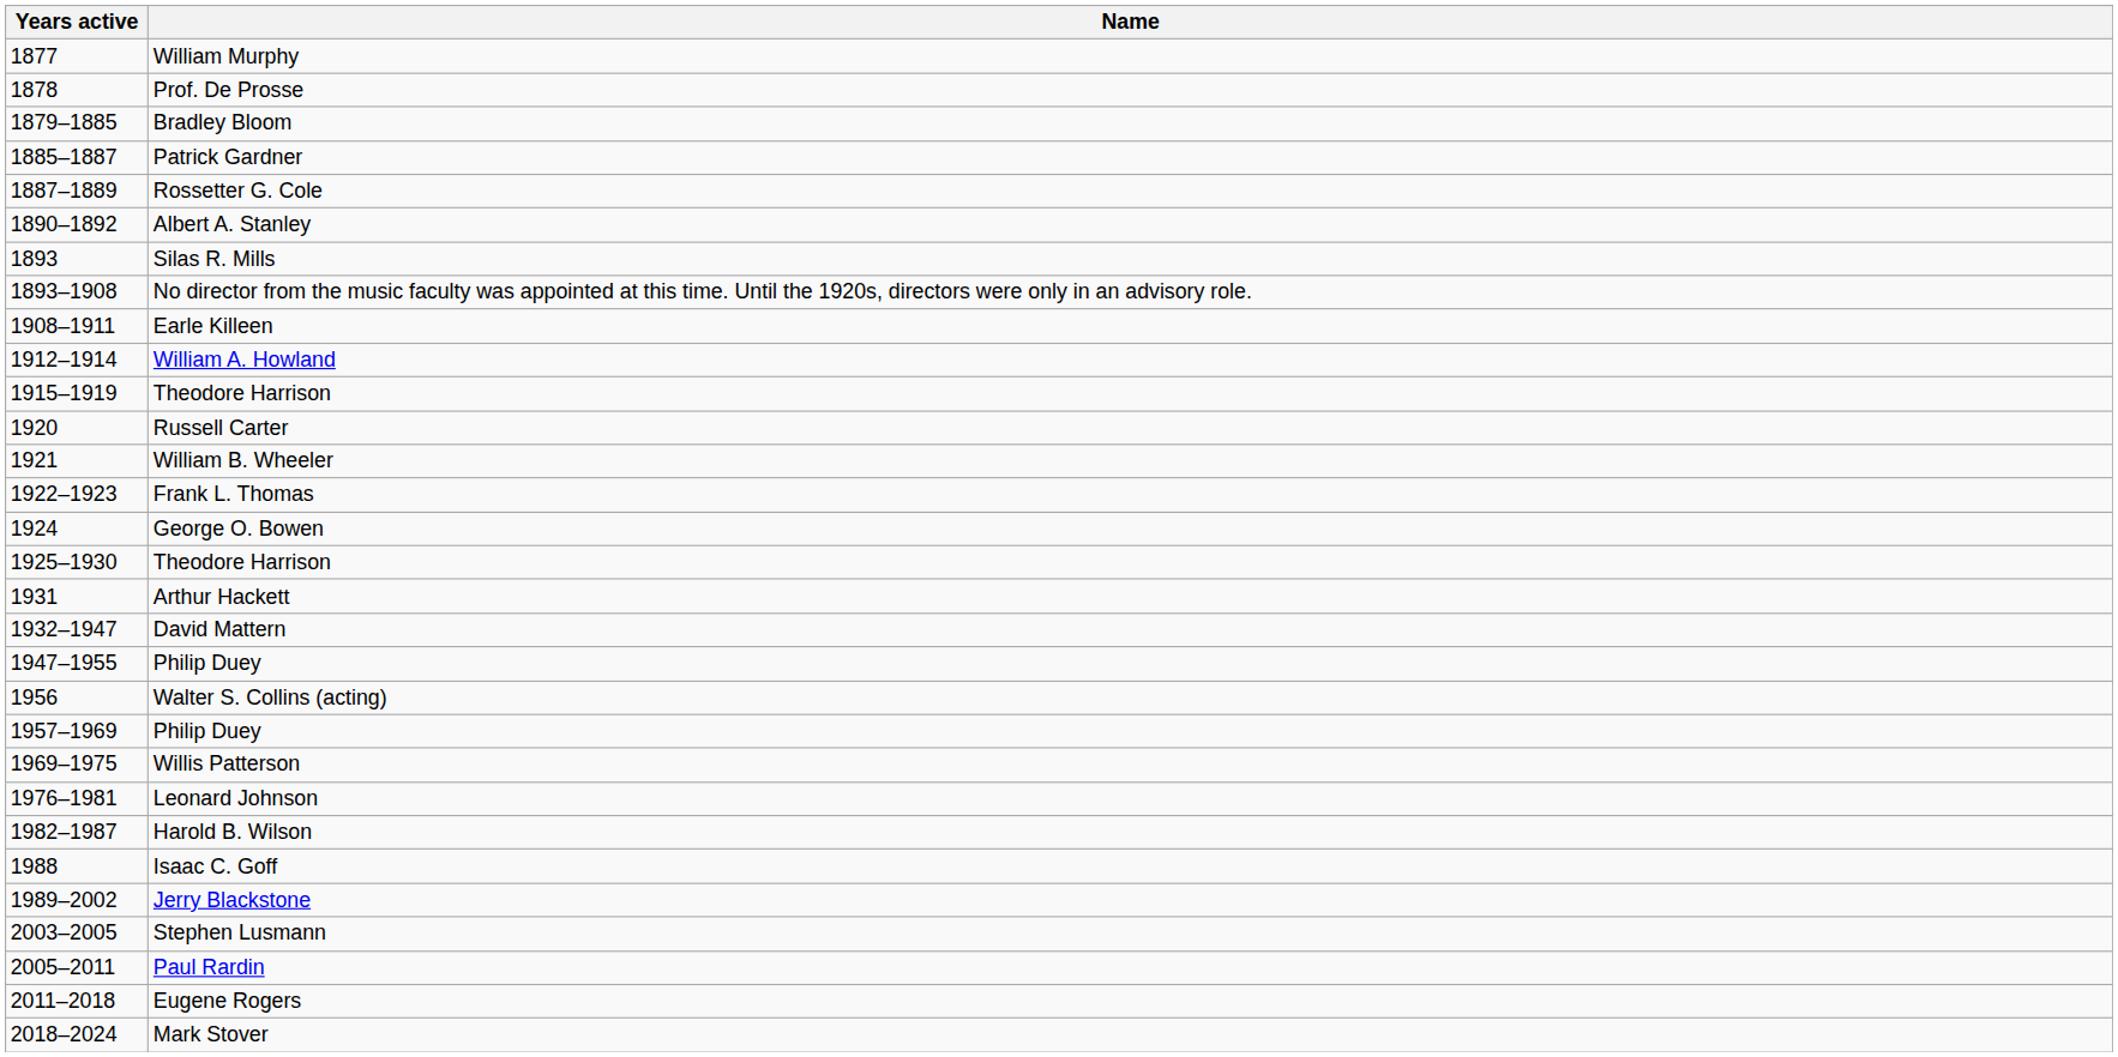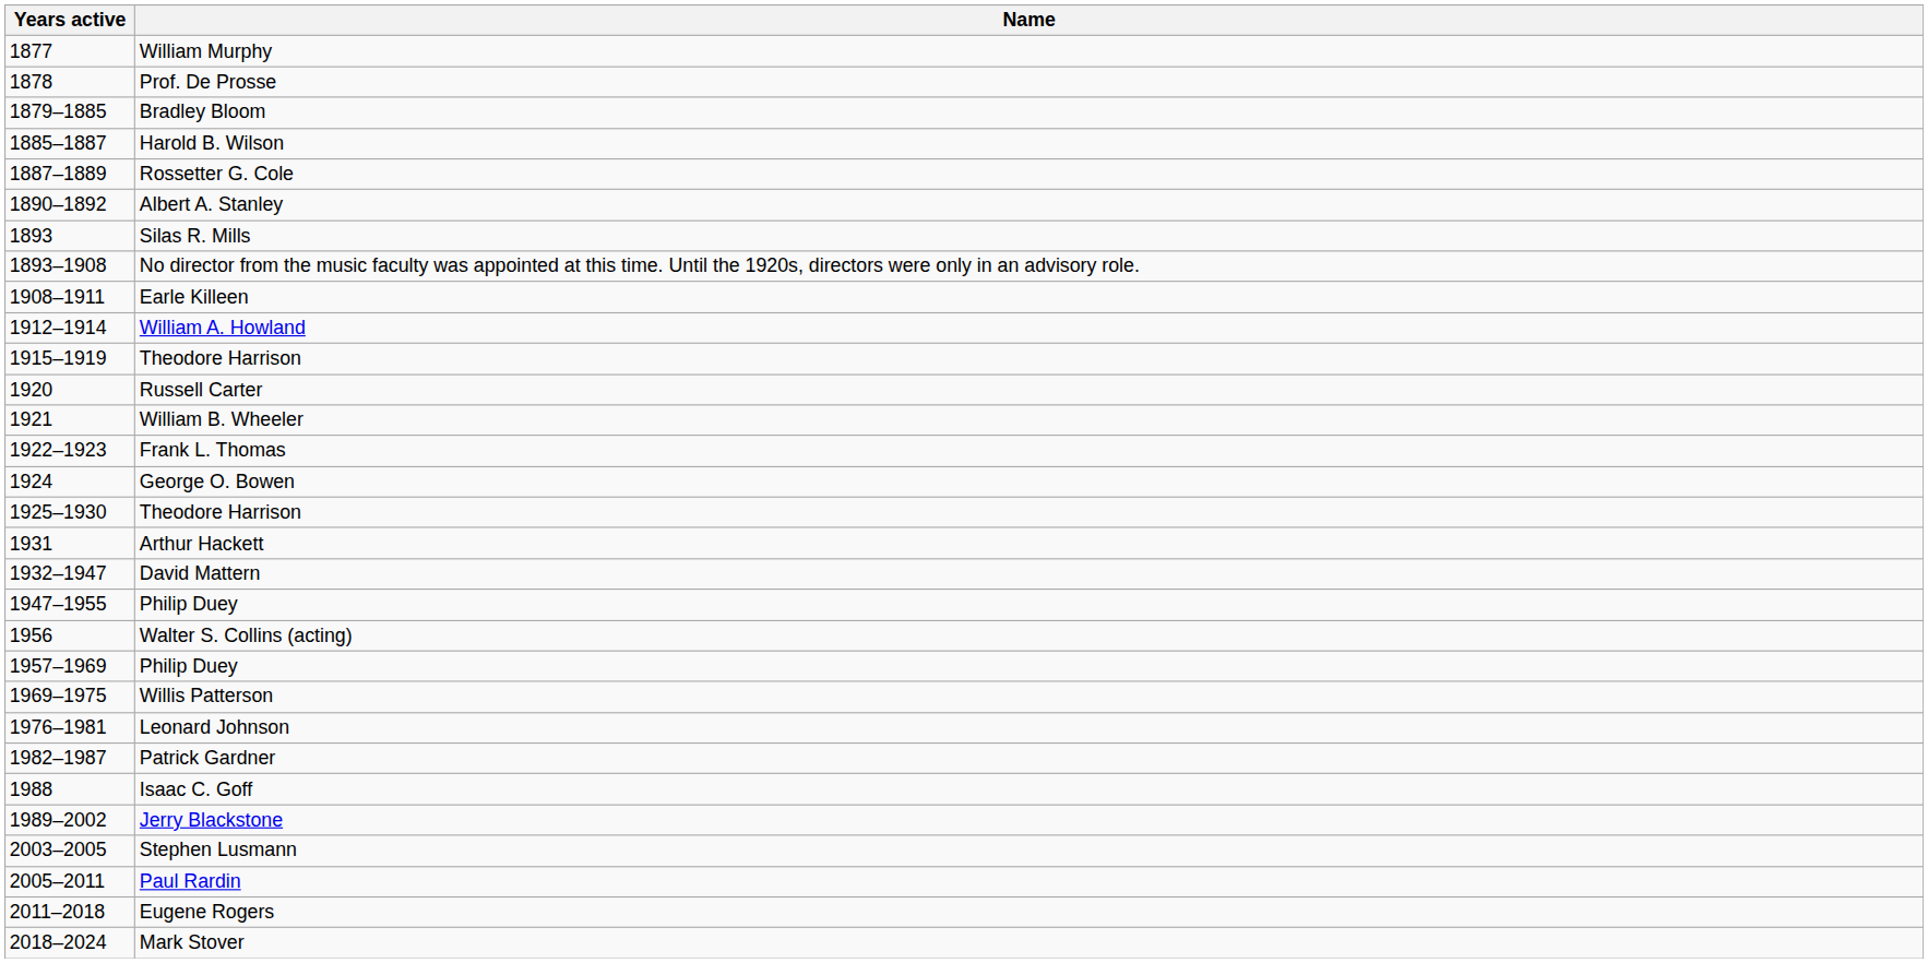 <table class="wikitable sortable" style="width:100%">
 <tr>
 <th width="100px">Years active</th>
 <th width="*">Name</th>
 </tr>
 <tr>
 <td>1877</td>
 <td>William Murphy</td>
 </tr>
 <tr>
 <td>1878</td>
 <td>Prof. De Prosse</td>
 </tr>
 <tr>
 <td>1879–1885</td>
 <td>Bradley Bloom</td>
 </tr>
 <tr>
 <td>1885–1887</td>
-<td>Patrick Gardner</td>
+<td>Harold B. Wilson</td>
 </tr>
 <tr>
 <td>1887–1889</td>
 <td>Rossetter G. Cole</td>
 </tr>
 <tr>
 <td>1890–1892</td>
 <td>Albert A. Stanley</td>
 </tr>
 <tr>
 <td>1893</td>
 <td>Silas R. Mills</td>
 </tr>
 <tr>
 <td>1893–1908</td>
 <td>No director from the music faculty was appointed at this time. Until the 1920s, directors were only in an advisory role.</td>
 </tr>
 <tr>
 <td>1908–1911</td>
 <td>Earle Killeen</td>
 </tr>
 <tr>
 <td>1912–1914</td>
 <td><a href='#'>William A. Howland</a></td>
 </tr>
 <tr>
 <td>1915–1919</td>
 <td>Theodore Harrison</td>
 </tr>
 <tr>
 <td>1920</td>
 <td>Russell Carter</td>
 </tr>
 <tr>
 <td>1921</td>
 <td>William B. Wheeler</td>
 </tr>
 <tr>
 <td>1922–1923</td>
 <td>Frank L. Thomas</td>
 </tr>
 <tr>
 <td>1924</td>
 <td>George O. Bowen</td>
 </tr>
 <tr>
 <td>1925–1930</td>
 <td>Theodore Harrison</td>
 </tr>
 <tr>
 <td>1931</td>
 <td>Arthur Hackett</td>
 </tr>
 <tr>
 <td>1932–1947</td>
 <td>David Mattern</td>
 </tr>
 <tr>
 <td>1947–1955</td>
 <td>Philip Duey</td>
 </tr>
 <tr>
 <td>1956</td>
 <td>Walter S. Collins (acting)</td>
 </tr>
 <tr>
 <td>1957–1969</td>
 <td>Philip Duey</td>
 </tr>
 <tr>
 <td>1969–1975</td>
 <td>Willis Patterson</td>
 </tr>
 <tr>
 <td>1976–1981</td>
 <td>Leonard Johnson</td>
 </tr>
 <tr>
 <td>1982–1987</td>
-<td>Harold B. Wilson</td>
+<td>Patrick Gardner</td>
 </tr>
 <tr>
 <td>1988</td>
 <td>Isaac C. Goff</td>
 </tr>
 <tr>
 <td>1989–2002</td>
 <td><a href='#'>Jerry Blackstone</a></td>
 </tr>
 <tr>
 <td>2003–2005</td>
 <td>Stephen Lusmann</td>
 </tr>
 <tr>
 <td>2005–2011</td>
 <td><a href='#'>Paul Rardin</a></td>
 </tr>
 <tr>
 <td>2011–2018</td>
 <td>Eugene Rogers</td>
 </tr>
 <tr>
 <td>2018–2024</td>
 <td>Mark Stover</td>
 </tr>
 </table>
